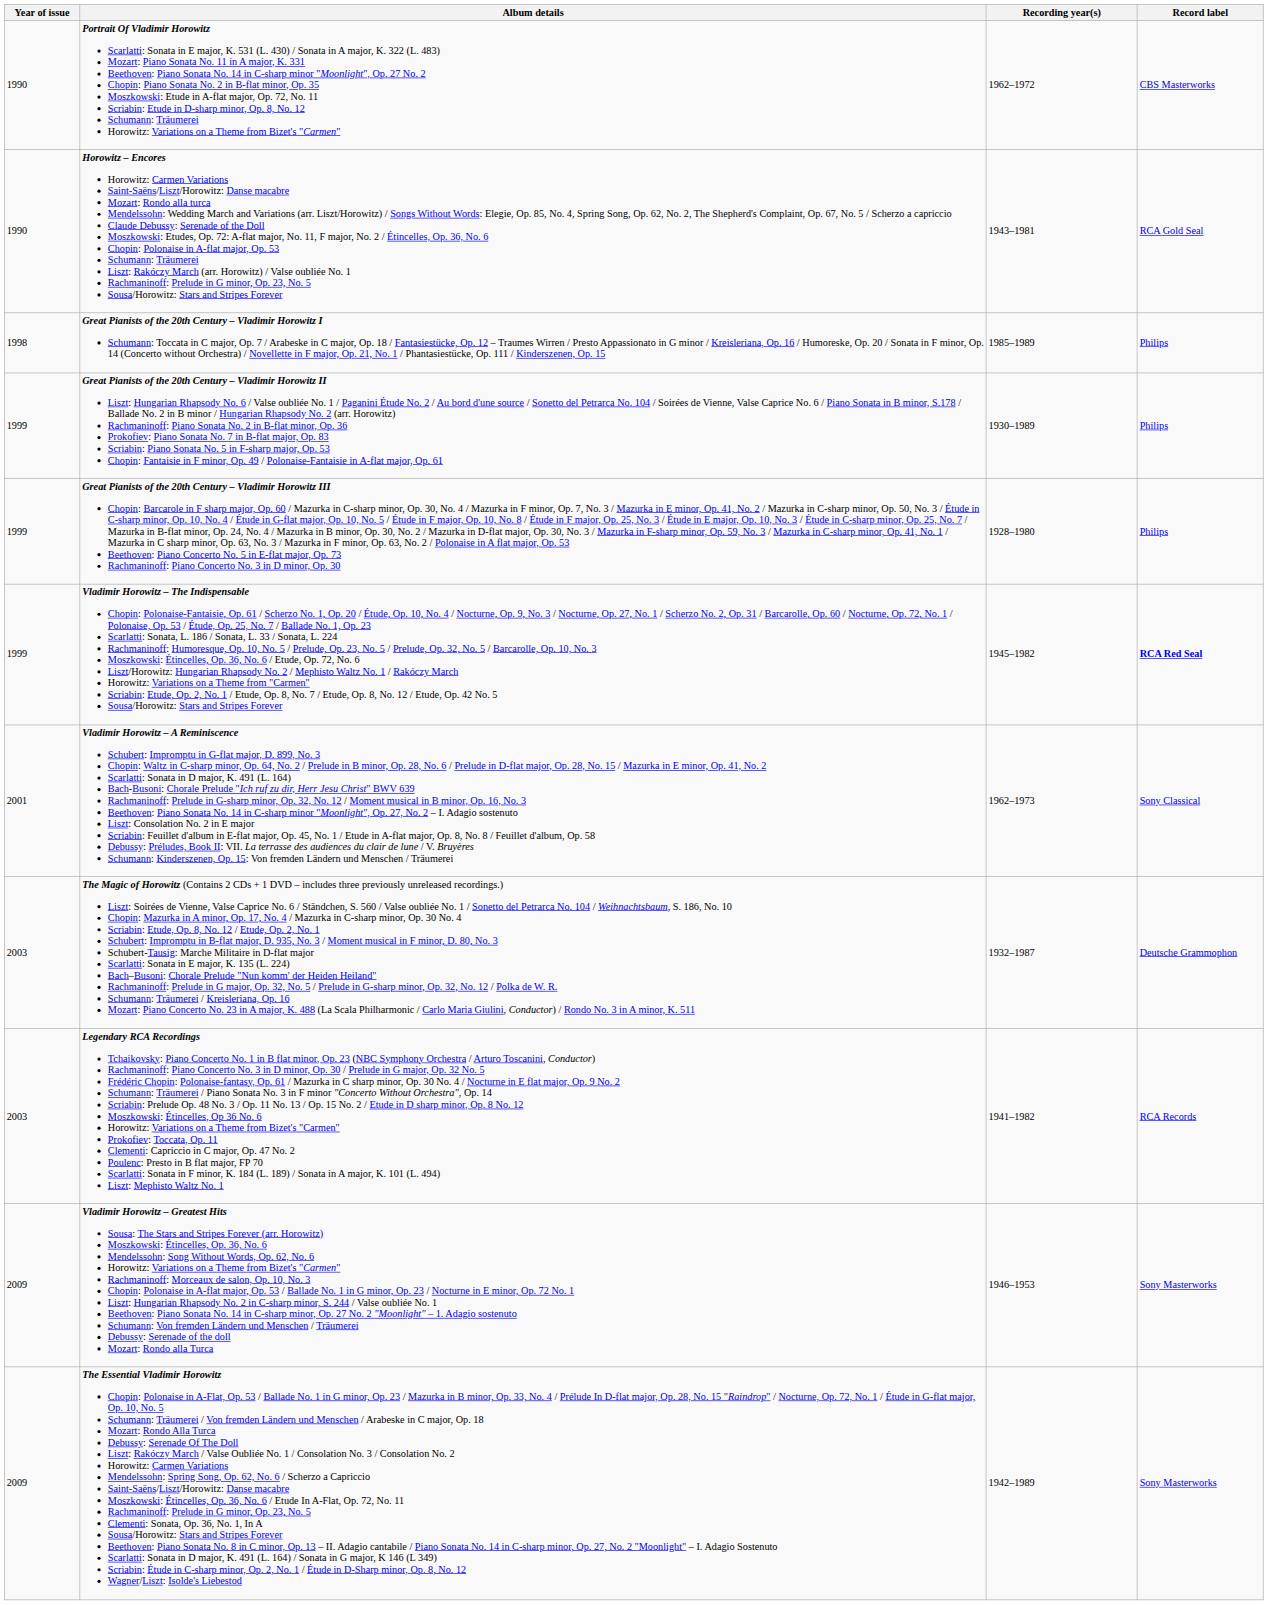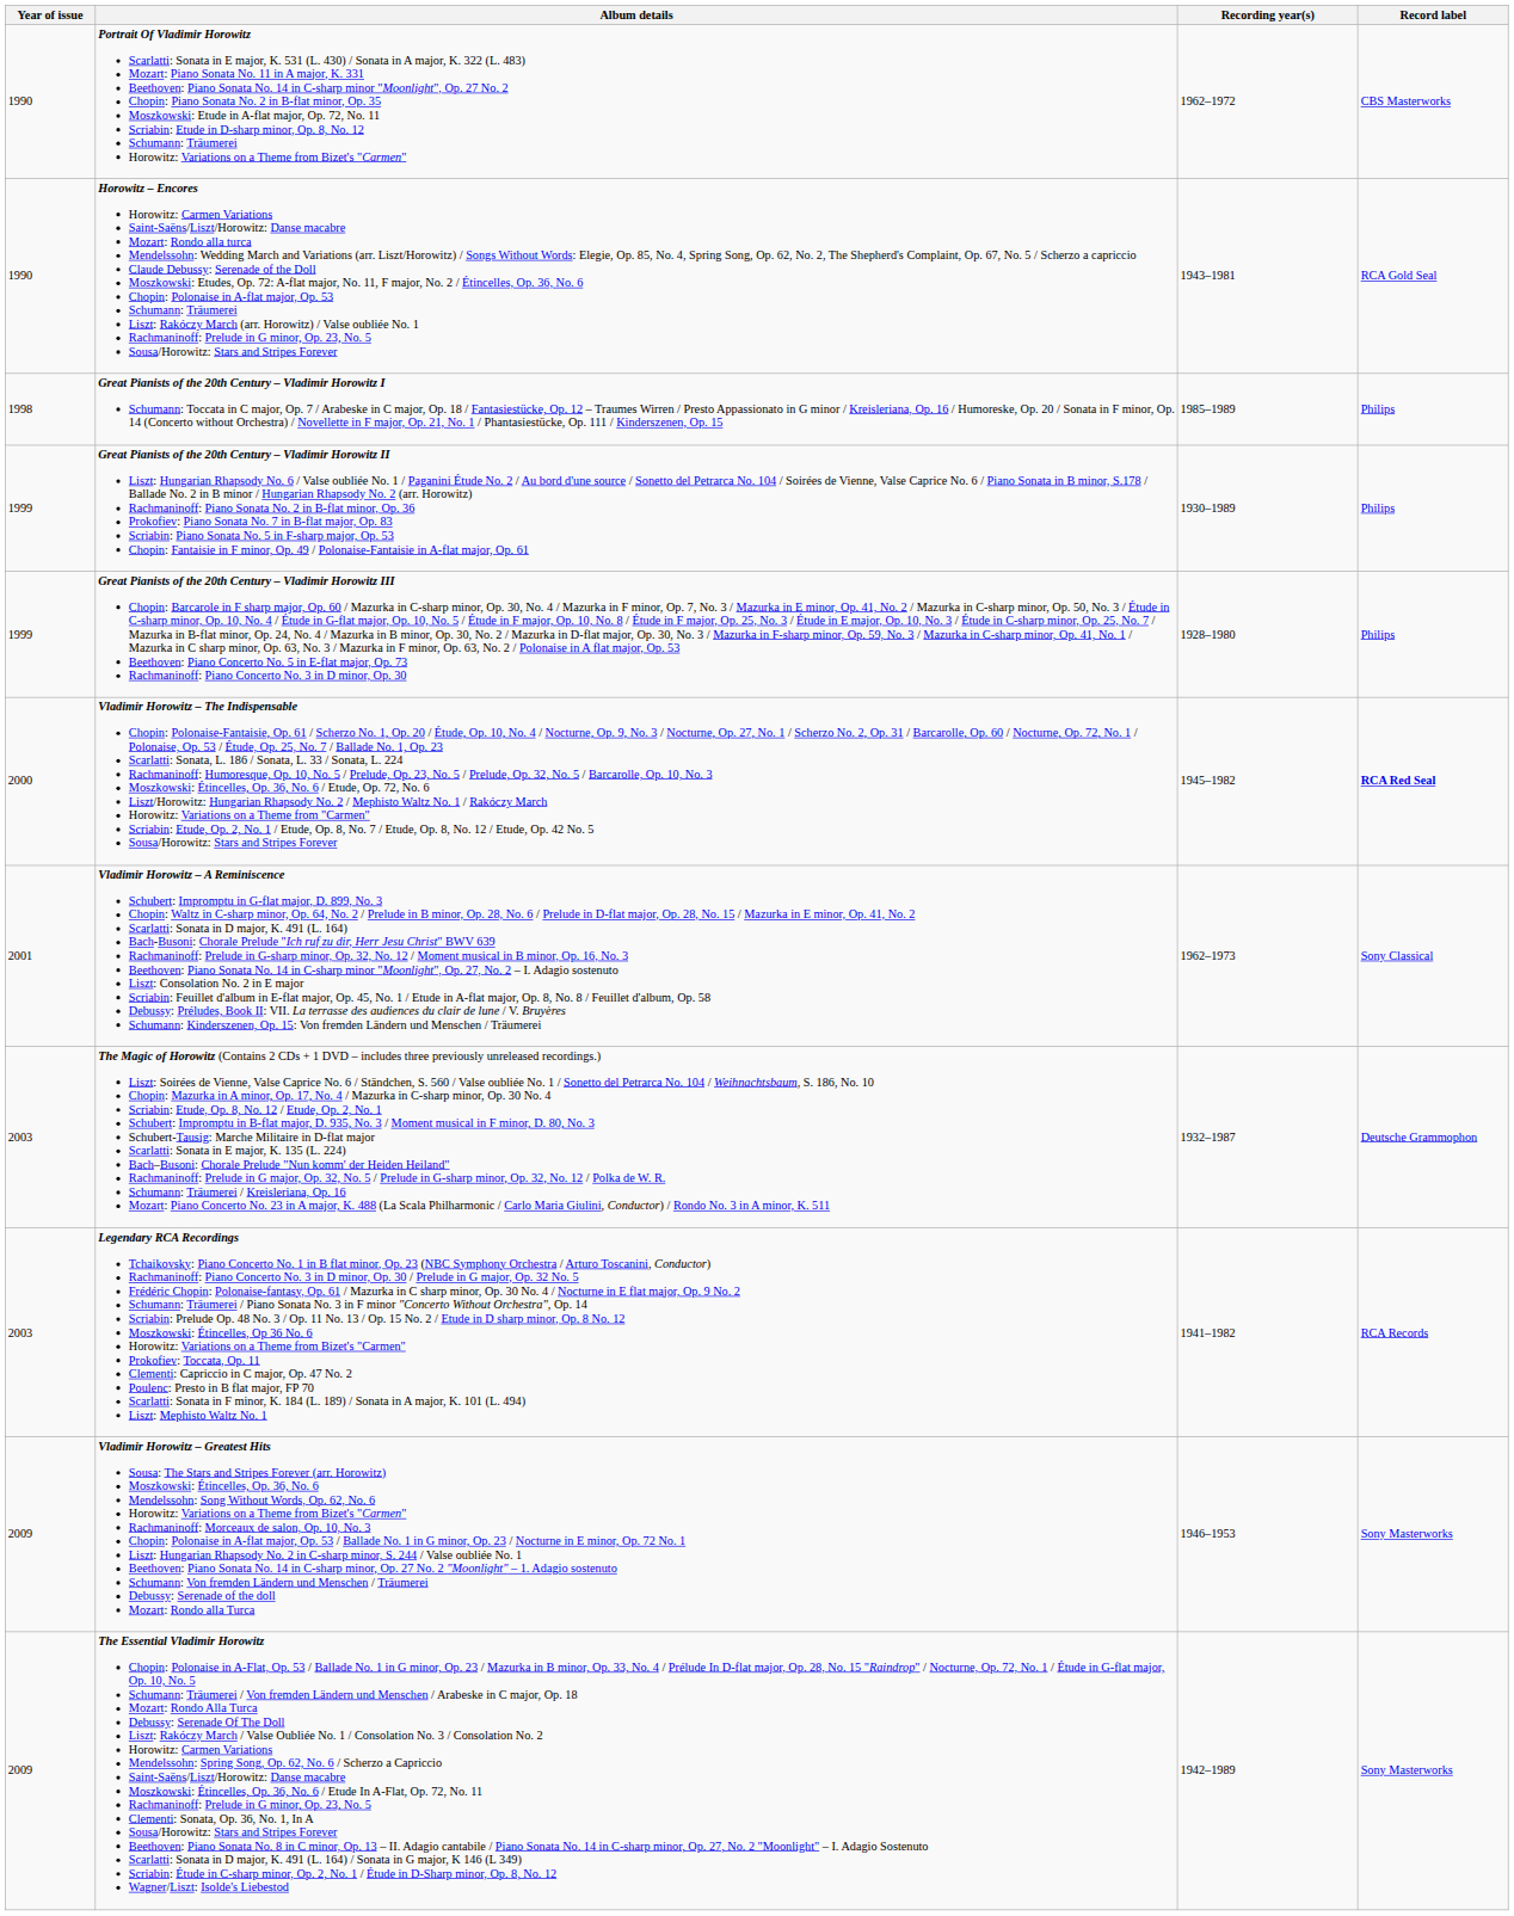 <table class="wikitable sortable">
 <tr>
 <th style="width:6%;">Year of issue</th>
 <th style="width:72%;">Album details</th>
 <th style="width:12%;">Recording year(s)</th>
 <th style="width:10%;">Record label</th>
 </tr>
 <tr>
 <td>1990</td>
 <td><strong><em>Portrait Of Vladimir Horowitz</em></strong><br><ul><li><a href='#'>Scarlatti</a>: Sonata in E major, K. 531 (L. 430) / Sonata in A major, K. 322 (L. 483)</li><li><a href='#'>Mozart</a>: <a href='#'>Piano Sonata No. 11 in A major, K. 331</a></li><li><a href='#'>Beethoven</a>: <a href='#'>Piano Sonata No. 14 in C-sharp minor "<em>Moonlight</em>", Op. 27 No. 2</a></li><li><a href='#'>Chopin</a>: <a href='#'>Piano Sonata No. 2 in B-flat minor, Op. 35</a></li><li><a href='#'>Moszkowski</a>: Etude in A-flat major, Op. 72, No. 11</li><li><a href='#'>Scriabin</a>: <a href='#'>Etude in D-sharp minor, Op. 8, No. 12</a></li><li><a href='#'>Schumann</a>: <a href='#'>Träumerei</a></li><li>Horowitz: <a href='#'>Variations on a Theme from Bizet's "<em>Carmen</em>"</a></li></ul></td>
 <td>1962–1972</td>
 <td><a href='#'>CBS Masterworks</a></td>
 </tr>
 <tr>
 <td>1990</td>
 <td><strong><em>Horowitz – Encores</em></strong><br><ul><li>Horowitz: <a href='#'>Carmen Variations</a></li><li><a href='#'>Saint-Saëns</a>/<a href='#'>Liszt</a>/Horowitz: <a href='#'>Danse macabre</a></li><li><a href='#'>Mozart</a>: <a href='#'>Rondo alla turca</a></li><li><a href='#'>Mendelssohn</a>: Wedding March and Variations (arr. Liszt/Horowitz) / <a href='#'>Songs Without Words</a>: Elegie, Op. 85, No. 4, Spring Song, Op. 62, No. 2, The Shepherd's Complaint, Op. 67, No. 5 / Scherzo a capriccio</li><li><a href='#'>Claude Debussy</a>: <a href='#'>Serenade of the Doll</a></li><li><a href='#'>Moszkowski</a>: Etudes, Op. 72: A-flat major, No. 11, F major, No. 2 / <a href='#'>Étincelles, Op. 36, No. 6</a></li><li><a href='#'>Chopin</a>: <a href='#'>Polonaise in A-flat major, Op. 53</a></li><li><a href='#'>Schumann</a>: <a href='#'>Träumerei</a></li><li><a href='#'>Liszt</a>: <a href='#'>Rakóczy March</a> (arr. Horowitz) / Valse oubliée No. 1</li><li><a href='#'>Rachmaninoff</a>: <a href='#'>Prelude in G minor, Op. 23, No. 5</a></li><li><a href='#'>Sousa</a>/Horowitz: <a href='#'>Stars and Stripes Forever</a></li></ul></td>
 <td>1943–1981</td>
 <td><a href='#'>RCA Gold Seal</a></td>
 </tr>
 <tr>
 <td>1998</td>
 <td><strong><em>Great Pianists of the 20th Century – Vladimir Horowitz I</em></strong><br><ul><li><a href='#'>Schumann</a>: Toccata in C major, Op. 7 / Arabeske in C major, Op. 18 / <a href='#'>Fantasiestücke, Op. 12</a> – Traumes Wirren / Presto Appassionato in G minor / <a href='#'>Kreisleriana, Op. 16</a> / Humoreske, Op. 20 / Sonata in F minor, Op. 14 (Concerto without Orchestra) / <a href='#'>Novellette in F major, Op. 21, No. 1</a> / Phantasiestücke, Op. 111 / <a href='#'>Kinderszenen, Op. 15</a></li></ul></td>
 <td>1985–1989</td>
 <td><a href='#'>Philips</a></td>
 </tr>
 <tr>
 <td>1999</td>
 <td><strong><em>Great Pianists of the 20th Century – Vladimir Horowitz II</em></strong><br><ul><li><a href='#'>Liszt</a>: <a href='#'>Hungarian Rhapsody No. 6</a> / Valse oubliée No. 1 / <a href='#'>Paganini Étude No. 2</a> / <a href='#'>Au bord d'une source</a> / <a href='#'>Sonetto del Petrarca No. 104</a> / Soirées de Vienne, Valse Caprice No. 6 / <a href='#'>Piano Sonata in B minor, S.178</a> / Ballade No. 2 in B minor / <a href='#'>Hungarian Rhapsody No. 2</a> (arr. Horowitz)</li><li><a href='#'>Rachmaninoff</a>: <a href='#'>Piano Sonata No. 2 in B-flat minor, Op. 36</a></li><li><a href='#'>Prokofiev</a>: <a href='#'>Piano Sonata No. 7 in B-flat major, Op. 83</a></li><li><a href='#'>Scriabin</a>: <a href='#'>Piano Sonata No. 5 in F-sharp major, Op. 53</a></li><li><a href='#'>Chopin</a>: <a href='#'>Fantaisie in F minor, Op. 49</a> / <a href='#'>Polonaise-Fantaisie in A-flat major, Op. 61</a></li></ul></td>
 <td>1930–1989</td>
 <td><a href='#'>Philips</a></td>
 </tr>
 <tr>
 <td>1999</td>
 <td><strong><em>Great Pianists of the 20th Century – Vladimir Horowitz III</em></strong><br><ul><li><a href='#'>Chopin</a>: <a href='#'>Barcarole in F sharp major, Op. 60</a> / Mazurka in C-sharp minor, Op. 30, No. 4 / Mazurka in F minor, Op. 7, No. 3 / <a href='#'>Mazurka in E minor, Op. 41, No. 2</a> / Mazurka in C-sharp minor, Op. 50, No. 3 / <a href='#'>Étude in C-sharp minor, Op. 10, No. 4</a> / <a href='#'>Étude in G-flat major, Op. 10, No. 5</a> / <a href='#'>Étude in F major, Op. 10, No. 8</a> / <a href='#'>Étude in F major, Op. 25, No. 3</a> / <a href='#'>Étude in E major, Op. 10, No. 3</a> / <a href='#'>Étude in C-sharp minor, Op. 25, No. 7</a> / Mazurka in B-flat minor, Op. 24, No. 4 / Mazurka in B minor, Op. 30, No. 2 / Mazurka in D-flat major, Op. 30, No. 3 / <a href='#'>Mazurka in F-sharp minor, Op. 59, No. 3</a> / <a href='#'>Mazurka in C-sharp minor, Op. 41, No. 1</a> / Mazurka in C sharp minor, Op. 63, No. 3 / Mazurka in F minor, Op. 63, No. 2 / <a href='#'>Polonaise in A flat major, Op. 53</a></li><li><a href='#'>Beethoven</a>: <a href='#'>Piano Concerto No. 5 in E-flat major, Op. 73</a></li><li><a href='#'>Rachmaninoff</a>: <a href='#'>Piano Concerto No. 3 in D minor, Op. 30</a></li></ul></td>
 <td>1928–1980</td>
 <td><a href='#'>Philips</a></td>
 </tr>
 <tr>
-<td>1999</td>
+<td>2000</td>
 <td><strong><em>Vladimir Horowitz – The Indispensable</em></strong><br><ul><li><a href='#'>Chopin</a>: <a href='#'>Polonaise-Fantaisie, Op. 61</a> / <a href='#'>Scherzo No. 1, Op. 20</a> / <a href='#'>Étude, Op. 10, No. 4</a> / <a href='#'>Nocturne, Op. 9, No. 3</a> / <a href='#'>Nocturne, Op. 27, No. 1</a> / <a href='#'>Scherzo No. 2, Op. 31</a> / <a href='#'>Barcarolle, Op. 60</a> / <a href='#'>Nocturne, Op. 72, No. 1</a> / <a href='#'>Polonaise, Op. 53</a> / <a href='#'>Étude, Op. 25, No. 7</a> / <a href='#'>Ballade No. 1, Op. 23</a></li><li><a href='#'>Scarlatti</a>: Sonata, L. 186 / Sonata, L. 33 / Sonata, L. 224</li><li><a href='#'>Rachmaninoff</a>: <a href='#'>Humoresque, Op. 10, No. 5</a> / <a href='#'>Prelude, Op. 23, No. 5</a> / <a href='#'>Prelude, Op. 32, No. 5</a> / <a href='#'>Barcarolle, Op. 10, No. 3</a></li><li><a href='#'>Moszkowski</a>: <a href='#'>Étincelles, Op. 36, No. 6</a> / Etude, Op. 72, No. 6</li><li><a href='#'>Liszt</a>/Horowitz: <a href='#'>Hungarian Rhapsody No. 2</a> / <a href='#'>Mephisto Waltz No. 1</a> / <a href='#'>Rakóczy March</a></li><li>Horowitz: <a href='#'>Variations on a Theme from "Carmen"</a></li><li><a href='#'>Scriabin</a>: <a href='#'>Etude, Op. 2, No. 1</a> / Etude, Op. 8, No. 7 / Etude, Op. 8, No. 12 / Etude, Op. 42 No. 5</li><li><a href='#'>Sousa</a>/Horowitz: <a href='#'>Stars and Stripes Forever</a></li></ul></td>
 <td>1945–1982</td>
 <td><strong><a href='#'>RCA Red Seal</a></strong></td>
 </tr>
 <tr>
 <td>2001</td>
 <td><strong><em>Vladimir Horowitz – A Reminiscence</em></strong><br><ul><li><a href='#'>Schubert</a>: <a href='#'>Impromptu in G-flat major, D. 899, No. 3</a></li><li><a href='#'>Chopin</a>: <a href='#'>Waltz in C-sharp minor, Op. 64, No. 2</a> / <a href='#'>Prelude in B minor, Op. 28, No. 6</a> / <a href='#'>Prelude in D-flat major, Op. 28, No. 15</a> / <a href='#'>Mazurka in E minor, Op. 41, No. 2</a></li><li><a href='#'>Scarlatti</a>: Sonata in D major, K. 491 (L. 164)</li><li><a href='#'>Bach</a>-<a href='#'>Busoni</a>: <a href='#'>Chorale Prelude "<em>Ich ruf zu dir, Herr Jesu Christ</em>" BWV 639</a></li><li><a href='#'>Rachmaninoff</a>: <a href='#'>Prelude in G-sharp minor, Op. 32, No. 12</a> / <a href='#'>Moment musical in B minor, Op. 16, No. 3</a></li><li><a href='#'>Beethoven</a>: <a href='#'>Piano Sonata No. 14 in C-sharp minor "<em>Moonlight</em>", Op. 27, No. 2</a> – I. Adagio sostenuto</li><li><a href='#'>Liszt</a>: Consolation No. 2 in E major</li><li><a href='#'>Scriabin</a>: Feuillet d'album in E-flat major, Op. 45, No. 1 / Etude in A-flat major, Op. 8, No. 8 / Feuillet d'album, Op. 58</li><li><a href='#'>Debussy</a>: <a href='#'>Préludes, Book II</a>: VII. <em>La terrasse des audiences du clair de lune</em> / V. <em>Bruyères</em></li><li><a href='#'>Schumann</a>: <a href='#'>Kinderszenen, Op. 15</a>: Von fremden Ländern und Menschen / Träumerei</li></ul></td>
 <td>1962–1973</td>
 <td><a href='#'>Sony Classical</a></td>
 </tr>
 <tr>
 <td>2003</td>
 <td><strong><em>The Magic of Horowitz</em></strong> (Contains 2 CDs + 1 DVD – includes three previously unreleased recordings.)<br><ul><li><a href='#'>Liszt</a>: Soirées de Vienne, Valse Caprice No. 6 / Ständchen, S. 560 / Valse oubliée No. 1 / <a href='#'>Sonetto del Petrarca No. 104</a> / <em><a href='#'>Weihnachtsbaum</a></em>, S. 186, No. 10</li><li><a href='#'>Chopin</a>: <a href='#'>Mazurka in A minor, Op. 17, No. 4</a> / Mazurka in C-sharp minor, Op. 30 No. 4</li><li><a href='#'>Scriabin</a>: <a href='#'>Etude, Op. 8, No. 12</a> / <a href='#'>Etude, Op. 2, No. 1</a></li><li><a href='#'>Schubert</a>: <a href='#'>Impromptu in B-flat major, D. 935, No. 3</a> / <a href='#'>Moment musical in F minor, D. 80, No. 3</a></li><li>Schubert-<a href='#'>Tausig</a>: Marche Militaire in D-flat major</li><li><a href='#'>Scarlatti</a>: Sonata in E major, K. 135 (L. 224)</li><li><a href='#'>Bach</a>–<a href='#'>Busoni</a>: <a href='#'>Chorale Prelude "Nun komm' der Heiden Heiland"</a></li><li><a href='#'>Rachmaninoff</a>: <a href='#'>Prelude in G major, Op. 32, No. 5</a> / <a href='#'>Prelude in G-sharp minor, Op. 32, No. 12</a> / <a href='#'>Polka de W. R.</a></li><li><a href='#'>Schumann</a>: <a href='#'>Träumerei</a> / <a href='#'>Kreisleriana, Op. 16</a></li><li><a href='#'>Mozart</a>: <a href='#'>Piano Concerto No. 23 in A major, K. 488</a> (La Scala Philharmonic / <a href='#'>Carlo Maria Giulini</a>, <em>Conductor</em>) / <a href='#'>Rondo No. 3 in A minor, K. 511</a></li></ul></td>
 <td>1932–1987</td>
 <td><a href='#'>Deutsche Grammophon</a></td>
 </tr>
 <tr>
 <td>2003</td>
 <td><strong><em>Legendary RCA Recordings</em></strong><br><ul><li><a href='#'>Tchaikovsky</a>: <a href='#'>Piano Concerto No. 1 in B flat minor, Op. 23</a> (<a href='#'>NBC Symphony Orchestra</a> / <a href='#'>Arturo Toscanini</a>, <em>Conductor</em>)</li><li><a href='#'>Rachmaninoff</a>: <a href='#'>Piano Concerto No. 3 in D minor, Op. 30</a> / <a href='#'>Prelude in G major, Op. 32 No. 5</a></li><li><a href='#'>Frédéric Chopin</a>: <a href='#'>Polonaise-fantasy, Op. 61</a> / Mazurka in C sharp minor, Op. 30 No. 4 / <a href='#'>Nocturne in E flat major, Op. 9 No. 2</a></li><li><a href='#'>Schumann</a>: <a href='#'>Träumerei</a> / Piano Sonata No. 3 in F minor <em>"Concerto Without Orchestra"</em>, Op. 14</li><li><a href='#'>Scriabin</a>: Prelude Op. 48 No. 3 / Op. 11 No. 13 / Op. 15 No. 2 / <a href='#'>Etude in D sharp minor, Op. 8 No. 12</a></li><li><a href='#'>Moszkowski</a>: <a href='#'>Étincelles, Op 36 No. 6</a></li><li>Horowitz: <a href='#'>Variations on a Theme from Bizet's "Carmen"</a></li><li><a href='#'>Prokofiev</a>: <a href='#'>Toccata, Op. 11</a></li><li><a href='#'>Clementi</a>: Capriccio in C major, Op. 47 No. 2</li><li><a href='#'>Poulenc</a>: Presto in B flat major, FP 70</li><li><a href='#'>Scarlatti</a>: Sonata in F minor, K. 184 (L. 189) / Sonata in A major, K. 101 (L. 494)</li><li><a href='#'>Liszt</a>: <a href='#'>Mephisto Waltz No. 1</a></li></ul></td>
 <td>1941–1982</td>
 <td><a href='#'>RCA Records</a></td>
 </tr>
 <tr>
 <td>2009</td>
 <td><strong><em>Vladimir Horowitz – Greatest Hits</em></strong><br><ul><li><a href='#'>Sousa</a>: <a href='#'>The Stars and Stripes Forever (arr. Horowitz)</a></li><li><a href='#'>Moszkowski</a>: <a href='#'>Étincelles, Op. 36, No. 6</a></li><li><a href='#'>Mendelssohn</a>: <a href='#'>Song Without Words, Op. 62, No. 6</a></li><li>Horowitz: <a href='#'>Variations on a Theme from Bizet's "<em>Carmen</em>"</a></li><li><a href='#'>Rachmaninoff</a>: <a href='#'>Morceaux de salon, Op. 10, No. 3</a></li><li><a href='#'>Chopin</a>: <a href='#'>Polonaise in A-flat major, Op. 53</a> / <a href='#'>Ballade No. 1 in G minor, Op. 23</a> / <a href='#'>Nocturne in E minor, Op. 72 No. 1</a></li><li><a href='#'>Liszt</a>: <a href='#'>Hungarian Rhapsody No. 2 in C-sharp minor, S. 244</a> / Valse oubliée No. 1</li><li><a href='#'>Beethoven</a>: <a href='#'>Piano Sonata No. 14 in C-sharp minor, Op. 27 No. 2 <em>"Moonlight"</em> – 1. Adagio sostenuto</a></li><li><a href='#'>Schumann</a>: <a href='#'>Von fremden Ländern und Menschen</a> / <a href='#'>Träumerei</a></li><li><a href='#'>Debussy</a>: <a href='#'>Serenade of the doll</a></li><li><a href='#'>Mozart</a>: <a href='#'>Rondo alla Turca</a></li></ul></td>
 <td>1946–1953</td>
 <td><a href='#'>Sony Masterworks</a></td>
 </tr>
 <tr>
 <td>2009</td>
 <td><strong><em>The Essential Vladimir Horowitz</em></strong><br><ul><li><a href='#'>Chopin</a>: <a href='#'>Polonaise in A-Flat, Op. 53</a> / <a href='#'>Ballade No. 1 in G minor, Op. 23</a> / <a href='#'>Mazurka in B minor, Op. 33, No. 4</a> / <a href='#'>Prélude In D-flat major, Op. 28, No. 15 "<em>Raindrop</em>"</a> / <a href='#'>Nocturne, Op. 72, No. 1</a> / <a href='#'>Étude in G-flat major, Op. 10, No. 5</a></li><li><a href='#'>Schumann</a>: <a href='#'>Träumerei</a> / <a href='#'>Von fremden Ländern und Menschen</a> / Arabeske in C major, Op. 18</li><li><a href='#'>Mozart</a>: <a href='#'>Rondo Alla Turca</a></li><li><a href='#'>Debussy</a>: <a href='#'>Serenade Of The Doll</a></li><li><a href='#'>Liszt</a>: <a href='#'>Rakóczy March</a> / Valse Oubliée No. 1 / Consolation No. 3 / Consolation No. 2</li><li>Horowitz: <a href='#'>Carmen Variations</a></li><li><a href='#'>Mendelssohn</a>: <a href='#'>Spring Song, Op. 62, No. 6</a> / Scherzo a Capriccio</li><li><a href='#'>Saint-Saëns</a>/<a href='#'>Liszt</a>/Horowitz: <a href='#'>Danse macabre</a></li><li><a href='#'>Moszkowski</a>: <a href='#'>Étincelles, Op. 36, No. 6</a> / Etude In A-Flat, Op. 72, No. 11</li><li><a href='#'>Rachmaninoff</a>: <a href='#'>Prelude in G minor, Op. 23, No. 5</a></li><li><a href='#'>Clementi</a>: Sonata, Op. 36, No. 1, In A</li><li><a href='#'>Sousa</a>/Horowitz: <a href='#'>Stars and Stripes Forever</a></li><li><a href='#'>Beethoven</a>: <a href='#'>Piano Sonata No. 8 in C minor, Op. 13</a> – II. Adagio cantabile / <a href='#'>Piano Sonata No. 14 in C-sharp minor, Op. 27, No. 2 "Moonlight"</a> – I. Adagio Sostenuto</li><li><a href='#'>Scarlatti</a>: Sonata in D major, K. 491 (L. 164) / Sonata in G major, K 146 (L 349)</li><li><a href='#'>Scriabin</a>: <a href='#'>Étude in C-sharp minor, Op. 2, No. 1</a> / <a href='#'>Étude in D-Sharp minor, Op. 8, No. 12</a></li><li><a href='#'>Wagner</a>/<a href='#'>Liszt</a>: <a href='#'>Isolde's Liebestod</a></li></ul></td>
 <td>1942–1989</td>
 <td><a href='#'>Sony Masterworks</a></td>
 </tr>
 </table>
